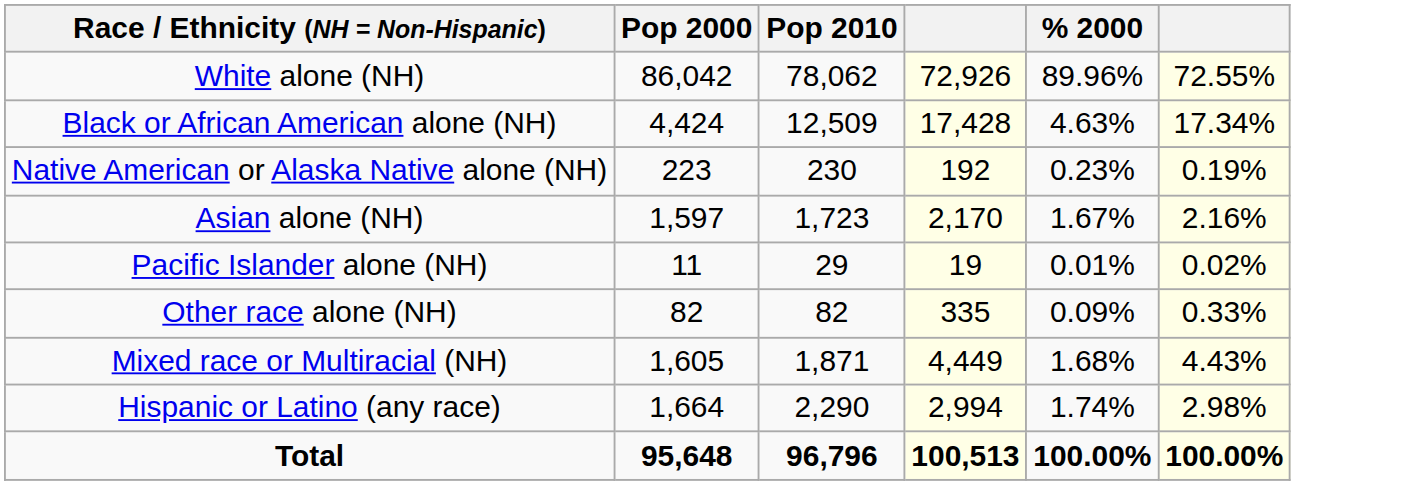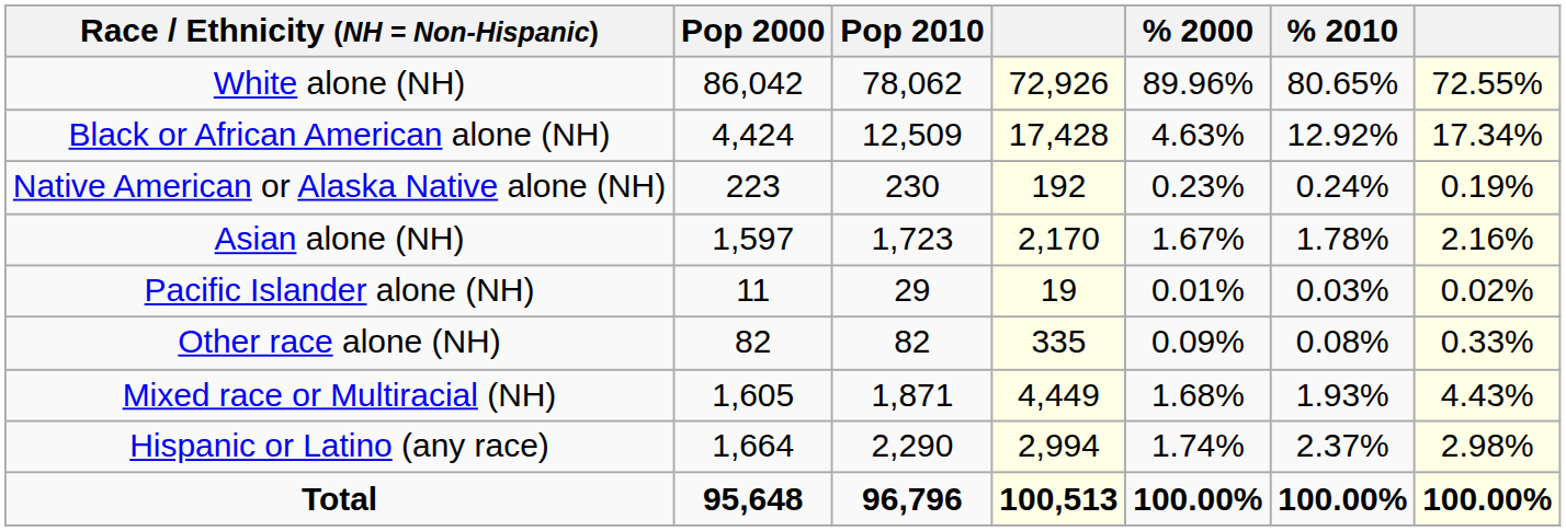 <table class="wikitable" style="text-align:center;">
 <tr>
 <th>Race / Ethnicity <small>(<em>NH = Non-Hispanic</em>)</small></th>
 <th>Pop 2000</th>
 <th>Pop 2010</th>
 <th></th>
 <th>% 2000</th>
+<th>% 2010</th>
 <th></th>
 </tr>
 <tr>
 <td><a href='#'>White</a> alone (NH)</td>
 <td>86,042</td>
 <td>78,062</td>
 <td style='background: #ffffe6;'>72,926</td>
 <td>89.96%</td>
+<td>80.65%</td>
 <td style='background: #ffffe6;'>72.55%</td>
 </tr>
 <tr>
 <td><a href='#'>Black or African American</a> alone (NH)</td>
 <td>4,424</td>
 <td>12,509</td>
 <td style='background: #ffffe6;'>17,428</td>
 <td>4.63%</td>
+<td>12.92%</td>
 <td style='background: #ffffe6;'>17.34%</td>
 </tr>
 <tr>
 <td><a href='#'>Native American</a> or <a href='#'>Alaska Native</a> alone (NH)</td>
 <td>223</td>
 <td>230</td>
 <td style='background: #ffffe6;'>192</td>
 <td>0.23%</td>
+<td>0.24%</td>
 <td style='background: #ffffe6;'>0.19%</td>
 </tr>
 <tr>
 <td><a href='#'>Asian</a> alone (NH)</td>
 <td>1,597</td>
 <td>1,723</td>
 <td style='background: #ffffe6;'>2,170</td>
 <td>1.67%</td>
+<td>1.78%</td>
 <td style='background: #ffffe6;'>2.16%</td>
 </tr>
 <tr>
 <td><a href='#'>Pacific Islander</a> alone (NH)</td>
 <td>11</td>
 <td>29</td>
 <td style='background: #ffffe6;'>19</td>
 <td>0.01%</td>
+<td>0.03%</td>
 <td style='background: #ffffe6;'>0.02%</td>
 </tr>
 <tr>
 <td><a href='#'>Other race</a> alone (NH)</td>
 <td>82</td>
 <td>82</td>
 <td style='background: #ffffe6;'>335</td>
 <td>0.09%</td>
+<td>0.08%</td>
 <td style='background: #ffffe6;'>0.33%</td>
 </tr>
 <tr>
 <td><a href='#'>Mixed race or Multiracial</a> (NH)</td>
 <td>1,605</td>
 <td>1,871</td>
 <td style='background: #ffffe6;'>4,449</td>
 <td>1.68%</td>
+<td>1.93%</td>
 <td style='background: #ffffe6;'>4.43%</td>
 </tr>
 <tr>
 <td><a href='#'>Hispanic or Latino</a> (any race)</td>
 <td>1,664</td>
 <td>2,290</td>
 <td style='background: #ffffe6;'>2,994</td>
 <td>1.74%</td>
+<td>2.37%</td>
 <td style='background: #ffffe6;'>2.98%</td>
 </tr>
 <tr>
 <td><strong>Total</strong></td>
 <td><strong>95,648</strong></td>
 <td><strong>96,796</strong></td>
 <td style='background: #ffffe6;'><strong>100,513</strong></td>
 <td><strong>100.00%</strong></td>
+<td><strong>100.00%</strong></td>
 <td style='background: #ffffe6;'><strong>100.00%</strong></td>
 </tr>
 </table>
